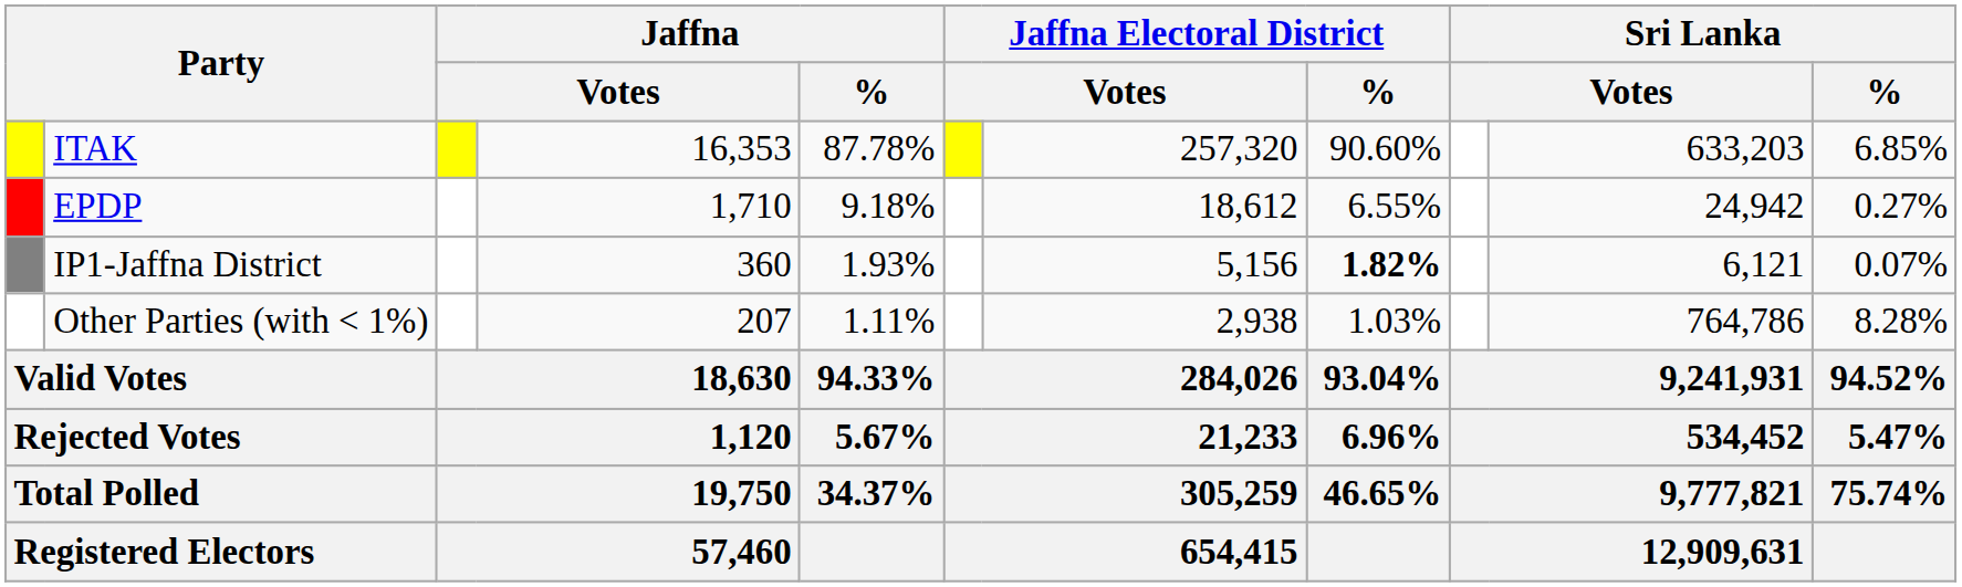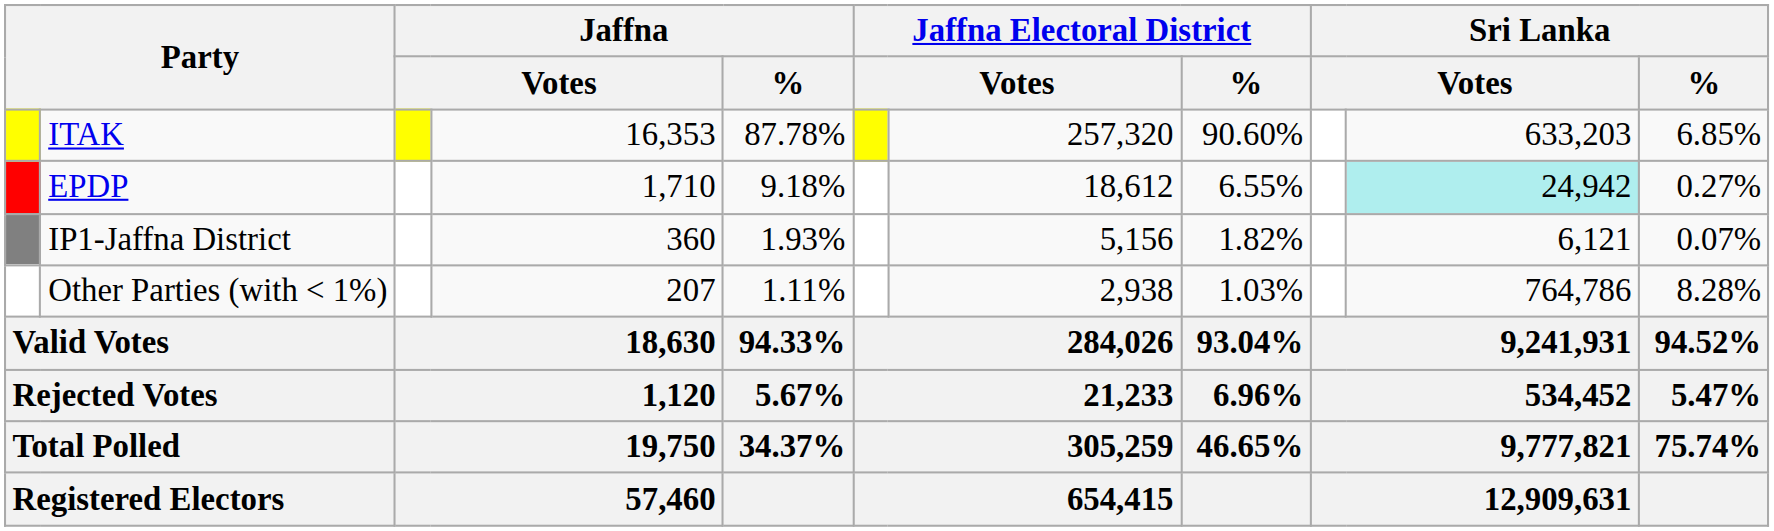 <table class="wikitable">
 <tr>
 <th colspan="2" width="144px"rowspan="2">Party</th>
 <th colspan="3" width="216px">Jaffna</th>
 <th colspan="3" width="216px"><a href='#'>Jaffna Electoral District</a></th>
 <th colspan="3" width="216px">Sri Lanka</th>
 </tr>
 <tr>
 <th colspan="2" width="144px">Votes</th>
 <th>%</th>
 <th colspan="2" width="144px">Votes</th>
 <th>%</th>
 <th colspan="2" width="144px">Votes</th>
 <th>%</th>
 </tr>
 <tr>
 <td style="background-color:yellow;" width="10px"></td>
 <td style="text-align:left;"><a href='#'>ITAK</a></td>
 <td style="background-color:yellow;" width="10px"></td>
 <td style="text-align:right;">16,353</td>
 <td style="text-align:right;">87.78%</td>
 <td style="background-color:yellow;" width="10px"></td>
 <td style="text-align:right;">257,320</td>
 <td style="text-align:right;">90.60%</td>
 <td style="background-color:white;" width="10px"></td>
 <td style="text-align:right;">633,203</td>
 <td style="text-align:right;">6.85%</td>
 </tr>
 <tr>
 <td style="background-color:red;" width="10px"></td>
 <td style="text-align:left;"><a href='#'>EPDP</a></td>
 <td style="background-color:white;" width="10px"></td>
 <td style="text-align:right;">1,710</td>
 <td style="text-align:right;">9.18%</td>
 <td style="background-color:white;" width="10px"></td>
 <td style="text-align:right;">18,612</td>
 <td style="text-align:right;">6.55%</td>
 <td style="background-color:white;" width="10px"></td>
-<td style="text-align:right;">24,942</td>
+<td style="background: paleturquoise; text-align:right;">24,942</td>
 <td style="text-align:right;">0.27%</td>
 </tr>
 <tr>
 <td style="background-color:grey;" width="10px"></td>
 <td style="text-align:left;">IP1-Jaffna District</td>
 <td style="background-color:white;" width="10px"></td>
 <td style="text-align:right;">360</td>
 <td style="text-align:right;">1.93%</td>
 <td style="background-color:white;" width="10px"></td>
 <td style="text-align:right;">5,156</td>
-<td style="text-align:right;"><strong>1.82%</strong></td>
+<td style="text-align:right;">1.82%</td>
 <td style="background-color:white;" width="10px"></td>
 <td style="text-align:right;">6,121</td>
 <td style="text-align:right;">0.07%</td>
 </tr>
 <tr>
 <td style="background-color:white;" width="10px"></td>
 <td style="text-align:left;">Other Parties (with < 1%)</td>
 <td style="background-color:white;" width="10px"></td>
 <td style="text-align:right;">207</td>
 <td style="text-align:right;">1.11%</td>
 <td style="background-color:white;" width="10px"></td>
 <td style="text-align:right;">2,938</td>
 <td style="text-align:right;">1.03%</td>
 <td style="background-color:white;" width="10px"></td>
 <td style="text-align:right;">764,786</td>
 <td style="text-align:right;">8.28%</td>
 </tr>
 <tr>
 <th colspan="2" width="144px"style="text-align:left;">Valid Votes</th>
 <th style="text-align:right;"colspan="2" width="144px">18,630</th>
 <th style="text-align:right;">94.33%</th>
 <th style="text-align:right;"colspan="2" width="144px">284,026</th>
 <th style="text-align:right;">93.04%</th>
 <th style="text-align:right;"colspan="2" width="144px">9,241,931</th>
 <th style="text-align:right;">94.52%</th>
 </tr>
 <tr>
 <th colspan="2" width="144px"style="text-align:left;">Rejected Votes</th>
 <th style="text-align:right;"colspan="2" width="144px">1,120</th>
 <th style="text-align:right;">5.67%</th>
 <th style="text-align:right;"colspan="2" width="144px">21,233</th>
 <th style="text-align:right;">6.96%</th>
 <th style="text-align:right;"colspan="2" width="144px">534,452</th>
 <th style="text-align:right;">5.47%</th>
 </tr>
 <tr>
 <th colspan="2" width="144px"style="text-align:left;">Total Polled</th>
 <th style="text-align:right;"colspan="2" width="144px">19,750</th>
 <th style="text-align:right;">34.37%</th>
 <th style="text-align:right;"colspan="2" width="144px">305,259</th>
 <th style="text-align:right;">46.65%</th>
 <th style="text-align:right;"colspan="2" width="144px">9,777,821</th>
 <th style="text-align:right;">75.74%</th>
 </tr>
 <tr>
 <th colspan="2" width="144px"style="text-align:left;">Registered Electors</th>
 <th style="text-align:right;"colspan="2" width="144px">57,460</th>
 <th></th>
 <th style="text-align:right;"colspan="2" width="144px">654,415</th>
 <th></th>
 <th style="text-align:right;"colspan="2" width="144px">12,909,631</th>
 <th></th>
 </tr>
 </table>
